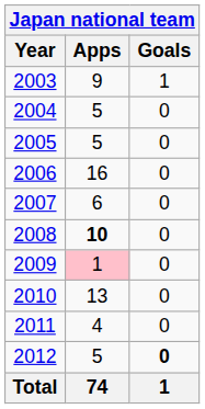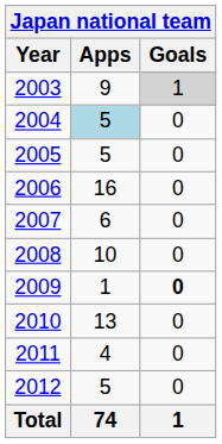 <table class="wikitable" style="text-align:center">
 <tr>
 <th colspan=3><a href='#'>Japan national team</a></th>
 </tr>
 <tr>
 <th>Year</th>
 <th>Apps</th>
 <th>Goals</th>
 </tr>
 <tr>
 <td><a href='#'>2003</a></td>
 <td>9</td>
-<td>1</td>
+<td style="background: lightgrey;">1</td>
 </tr>
 <tr>
 <td><a href='#'>2004</a></td>
-<td>5</td>
+<td style="background: lightblue;">5</td>
 <td>0</td>
 </tr>
 <tr>
 <td><a href='#'>2005</a></td>
 <td>5</td>
 <td>0</td>
 </tr>
 <tr>
 <td><a href='#'>2006</a></td>
 <td>16</td>
 <td>0</td>
 </tr>
 <tr>
 <td><a href='#'>2007</a></td>
 <td>6</td>
 <td>0</td>
 </tr>
 <tr>
 <td><a href='#'>2008</a></td>
-<td><strong>10</strong></td>
+<td>10</td>
 <td>0</td>
 </tr>
 <tr>
 <td><a href='#'>2009</a></td>
-<td style="background: pink;">1</td>
-<td>0</td>
+<td>1</td>
+<td><strong>0</strong></td>
 </tr>
 <tr>
 <td><a href='#'>2010</a></td>
 <td>13</td>
 <td>0</td>
 </tr>
 <tr>
 <td><a href='#'>2011</a></td>
 <td>4</td>
 <td>0</td>
 </tr>
 <tr>
 <td><a href='#'>2012</a></td>
 <td>5</td>
-<td><strong>0</strong></td>
+<td>0</td>
 </tr>
 <tr>
 <th>Total</th>
 <th>74</th>
 <th>1</th>
 </tr>
 </table>
